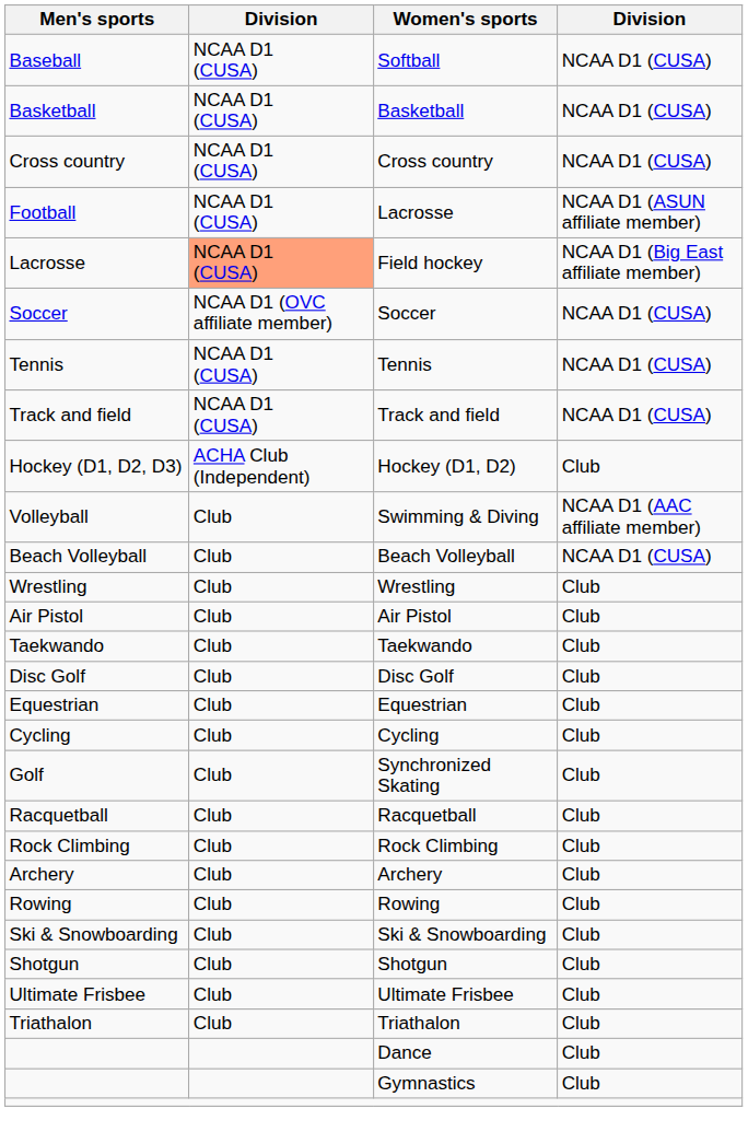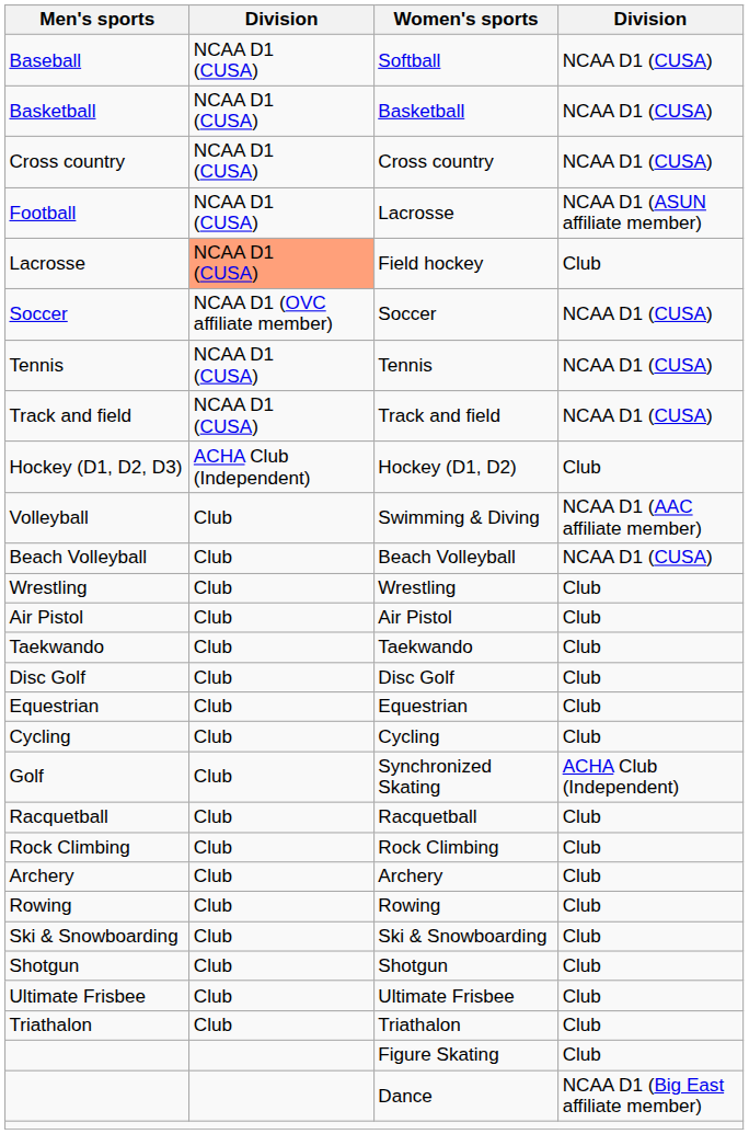 <table class="wikitable" style=" ">
 <tr>
 <th width=150px>Men's sports</th>
 <th width=150px>Division</th>
 <th width="150px">Women's sports</th>
 <th width=150px>Division</th>
 </tr>
 <tr>
 <td><a href='#'>Baseball</a></td>
 <td>NCAA D1<br>(<a href='#'>CUSA</a>)</td>
 <td><a href='#'>Softball</a></td>
 <td>NCAA D1 (<a href='#'>CUSA</a>)</td>
 </tr>
 <tr>
 <td><a href='#'>Basketball</a></td>
 <td>NCAA D1<br>(<a href='#'>CUSA</a>)</td>
 <td><a href='#'>Basketball</a></td>
 <td>NCAA D1 (<a href='#'>CUSA</a>)</td>
 </tr>
 <tr>
 <td>Cross country</td>
 <td>NCAA D1<br>(<a href='#'>CUSA</a>)</td>
 <td>Cross country</td>
 <td>NCAA D1 (<a href='#'>CUSA</a>)</td>
 </tr>
 <tr>
 <td><a href='#'>Football</a></td>
 <td>NCAA D1<br>(<a href='#'>CUSA</a>)</td>
 <td>Lacrosse</td>
 <td>NCAA D1 (<a href='#'>ASUN</a> affiliate member)</td>
 </tr>
 <tr>
 <td>Lacrosse</td>
 <td style="background: lightsalmon;">NCAA D1<br>(<a href='#'>CUSA</a>)</td>
 <td>Field hockey</td>
-<td>NCAA D1 (<a href='#'>Big East</a> affiliate member)</td>
+<td>Club</td>
 </tr>
 <tr>
 <td><a href='#'>Soccer</a></td>
 <td>NCAA D1 (<a href='#'>OVC</a> affiliate member)</td>
 <td>Soccer</td>
 <td>NCAA D1 (<a href='#'>CUSA</a>)</td>
 </tr>
 <tr>
 <td>Tennis</td>
 <td>NCAA D1<br>(<a href='#'>CUSA</a>)</td>
 <td>Tennis</td>
 <td>NCAA D1 (<a href='#'>CUSA</a>)</td>
 </tr>
 <tr>
 <td>Track and field</td>
 <td>NCAA D1<br>(<a href='#'>CUSA</a>)</td>
 <td>Track and field</td>
 <td>NCAA D1 (<a href='#'>CUSA</a>)</td>
 </tr>
 <tr>
 <td>Hockey (D1, D2, D3)</td>
 <td><a href='#'>ACHA</a> Club (Independent)</td>
 <td>Hockey (D1, D2)</td>
 <td>Club</td>
 </tr>
 <tr>
 <td>Volleyball</td>
 <td>Club</td>
 <td>Swimming & Diving</td>
 <td>NCAA D1 (<a href='#'>AAC</a> affiliate member)</td>
 </tr>
 <tr>
 <td>Beach Volleyball</td>
 <td>Club</td>
 <td>Beach Volleyball</td>
 <td>NCAA D1 (<a href='#'>CUSA</a>)</td>
 </tr>
 <tr>
 <td>Wrestling</td>
 <td>Club</td>
 <td>Wrestling</td>
 <td>Club</td>
 </tr>
 <tr>
 <td>Air Pistol</td>
 <td>Club</td>
 <td>Air Pistol</td>
 <td>Club</td>
 </tr>
 <tr>
 <td>Taekwando</td>
 <td>Club</td>
 <td>Taekwando</td>
 <td>Club</td>
 </tr>
 <tr>
 <td>Disc Golf</td>
 <td>Club</td>
 <td>Disc Golf</td>
 <td>Club</td>
 </tr>
 <tr>
 <td>Equestrian</td>
 <td>Club</td>
 <td>Equestrian</td>
 <td>Club</td>
 </tr>
 <tr>
 <td>Cycling</td>
 <td>Club</td>
 <td>Cycling</td>
 <td>Club</td>
 </tr>
 <tr>
 <td>Golf</td>
 <td>Club</td>
 <td>Synchronized Skating</td>
-<td>Club</td>
+<td><a href='#'>ACHA</a> Club (Independent)</td>
 </tr>
 <tr>
 <td>Racquetball</td>
 <td>Club</td>
 <td>Racquetball</td>
 <td>Club</td>
 </tr>
 <tr>
 <td>Rock Climbing</td>
 <td>Club</td>
 <td>Rock Climbing</td>
 <td>Club</td>
 </tr>
 <tr>
 <td>Archery</td>
 <td>Club</td>
 <td>Archery</td>
 <td>Club</td>
 </tr>
 <tr>
 <td>Rowing</td>
 <td>Club</td>
 <td>Rowing</td>
 <td>Club</td>
 </tr>
 <tr>
 <td>Ski & Snowboarding</td>
 <td>Club</td>
 <td>Ski & Snowboarding</td>
 <td>Club</td>
 </tr>
 <tr>
 <td>Shotgun</td>
 <td>Club</td>
 <td>Shotgun</td>
 <td>Club</td>
 </tr>
 <tr>
 <td>Ultimate Frisbee</td>
 <td>Club</td>
 <td>Ultimate Frisbee</td>
 <td>Club</td>
 </tr>
 <tr>
 <td>Triathalon</td>
 <td>Club</td>
 <td>Triathalon</td>
 <td>Club</td>
 </tr>
 <tr>
 <td></td>
 <td></td>
-<td>Dance</td>
+<td>Figure Skating</td>
 <td>Club</td>
 </tr>
 <tr>
 <td></td>
 <td></td>
-<td>Gymnastics</td>
-<td>Club</td>
+<td>Dance</td>
+<td>NCAA D1 (<a href='#'>Big East</a> affiliate member)</td>
 </tr>
 <tr>
 <td colspan="4"></td>
 </tr>
 </table>
